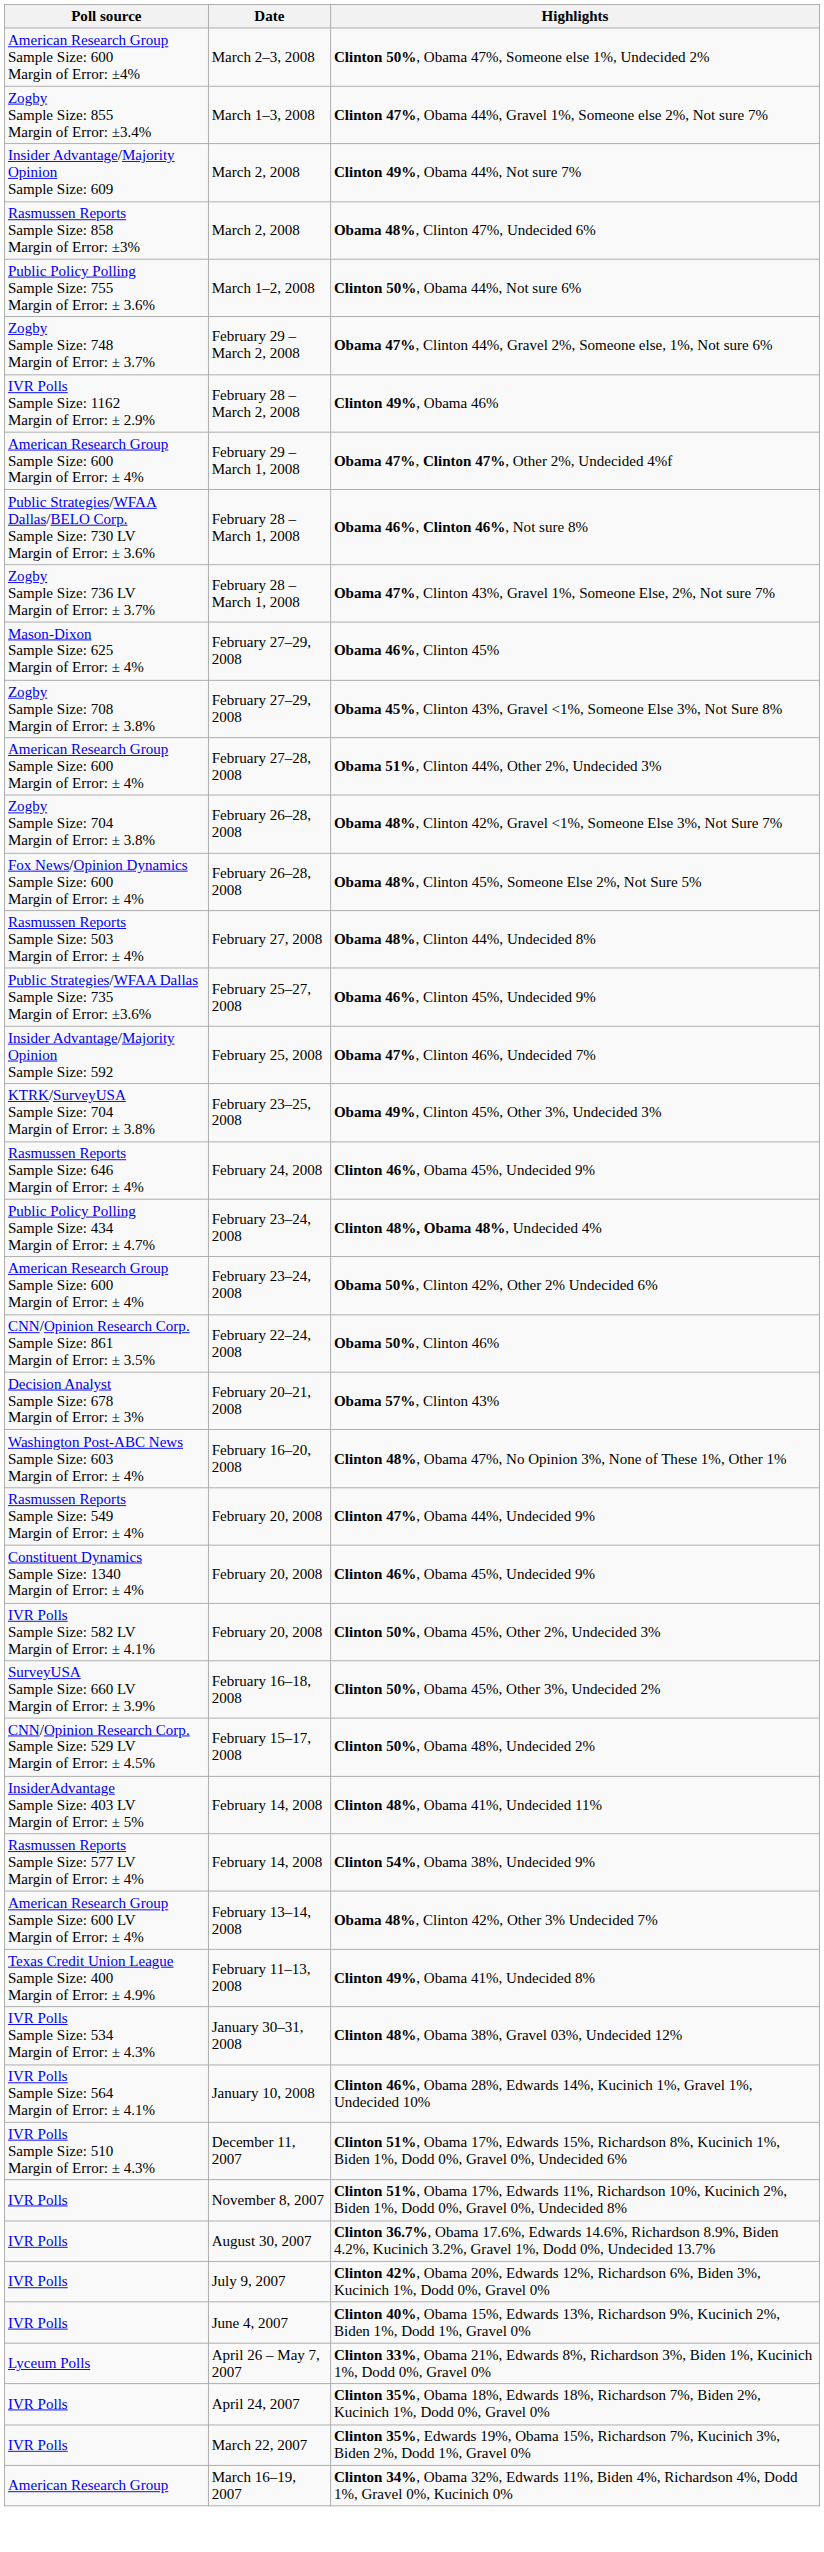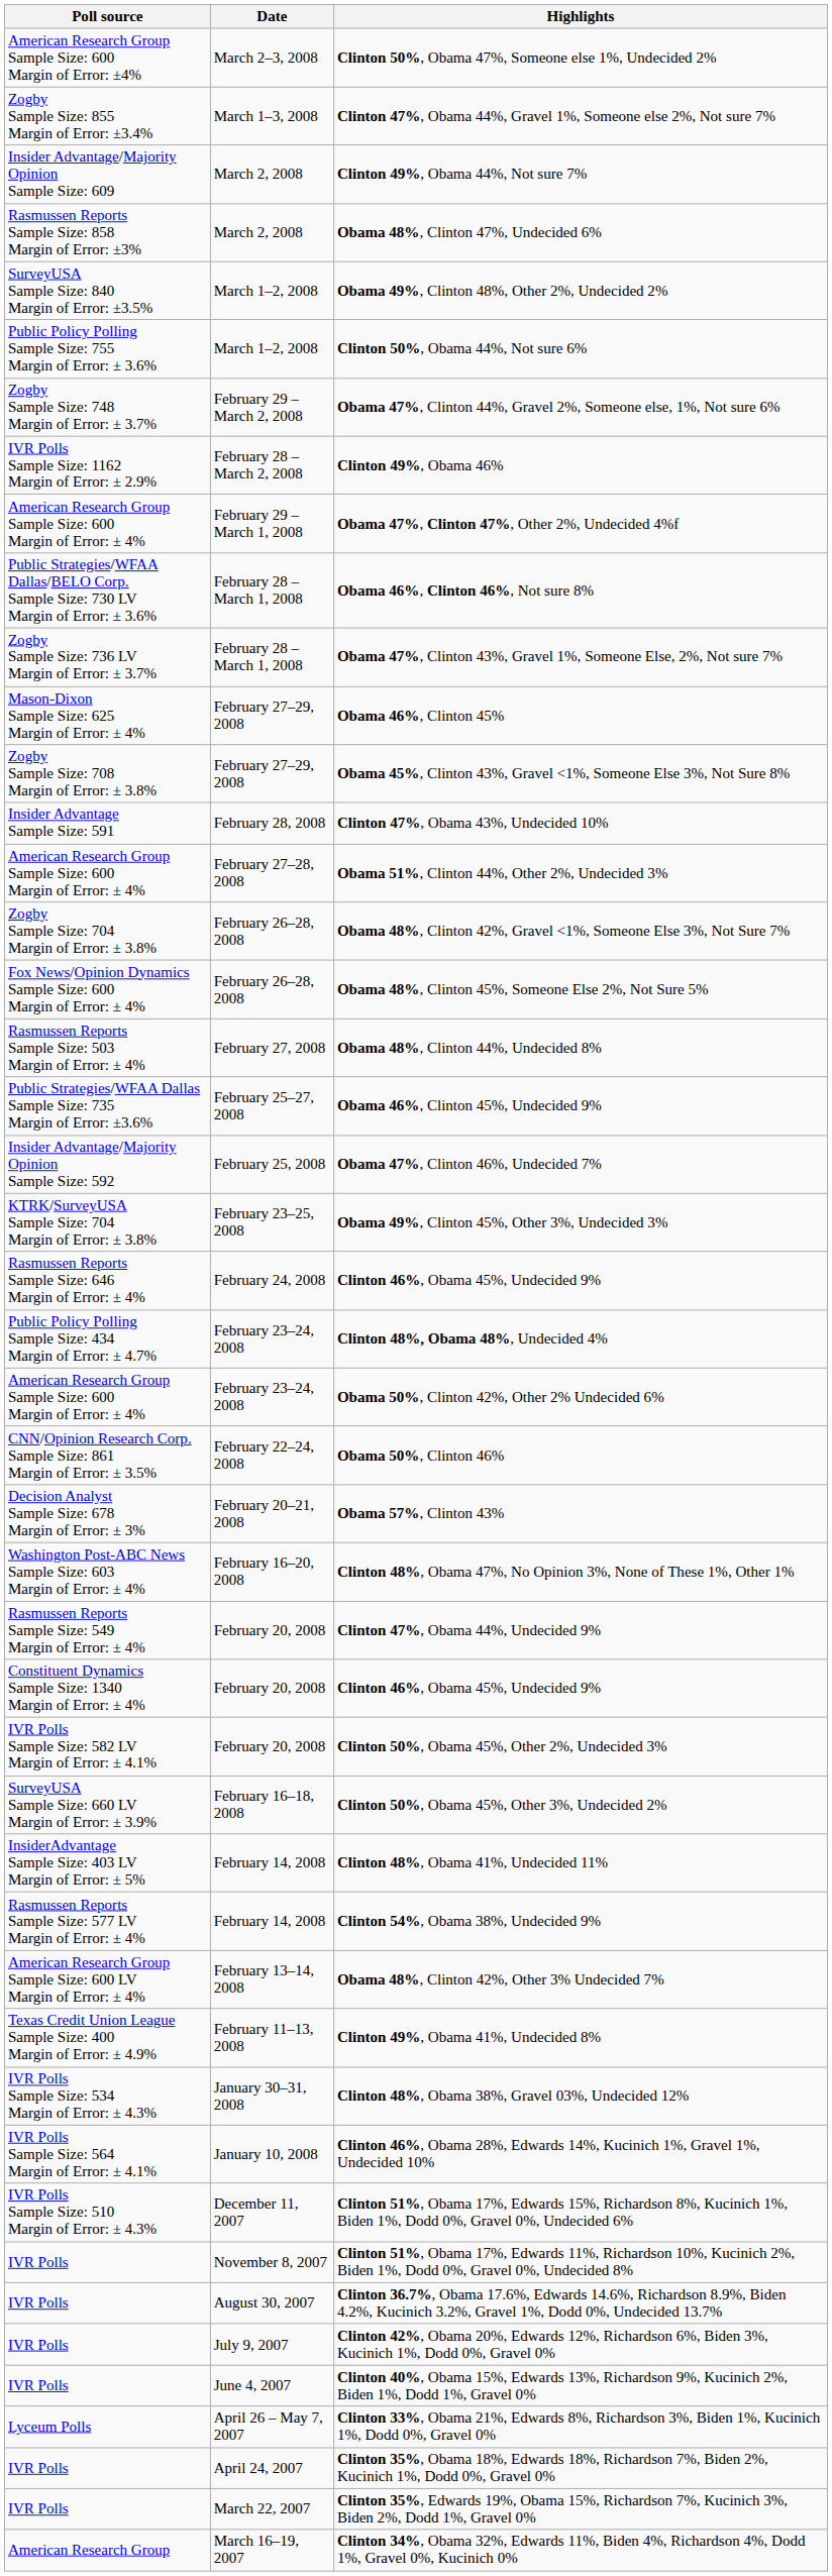 <table class="wikitable sortable">
 <tr>
 <th width="25%">Poll source</th>
 <th width="15%">Date</th>
 <th width="60%">Highlights</th>
 </tr>
 <tr>
 <td><a href='#'>American Research Group</a><br>Sample Size: 600<br> Margin of Error: ±4%</td>
 <td>March 2–3, 2008</td>
 <td><strong>Clinton 50%</strong>, Obama 47%, Someone else 1%, Undecided 2%</td>
 </tr>
 <tr>
 <td><a href='#'>Zogby</a><br>Sample Size: 855<br> Margin of Error: ±3.4%</td>
 <td>March 1–3, 2008</td>
 <td><strong>Clinton 47%</strong>, Obama 44%, Gravel 1%, Someone else 2%, Not sure 7%</td>
 </tr>
 <tr>
 <td><a href='#'>Insider Advantage</a>/<a href='#'>Majority Opinion</a><br>Sample Size: 609<br></td>
 <td>March 2, 2008</td>
 <td><strong>Clinton 49%</strong>, Obama 44%, Not sure 7%</td>
 </tr>
 <tr>
 <td><a href='#'>Rasmussen Reports</a><br>Sample Size: 858<br> Margin of Error: ±3%</td>
 <td>March 2, 2008</td>
 <td><strong>Obama 48%</strong>, Clinton 47%, Undecided 6%</td>
+</tr>
+<tr>
+<td><a href='#'>SurveyUSA</a><br>Sample Size: 840<br> Margin of Error: ±3.5%</td>
+<td>March 1–2, 2008</td>
+<td><strong>Obama 49%</strong>, Clinton 48%, Other 2%, Undecided 2%</td>
 </tr>
 <tr>
 <td><a href='#'>Public Policy Polling</a><br>Sample Size: 755<br> Margin of Error: ± 3.6%</td>
 <td>March 1–2, 2008</td>
 <td><strong>Clinton 50%</strong>, Obama 44%, Not sure 6%</td>
 </tr>
 <tr>
 <td><a href='#'>Zogby</a><br>Sample Size: 748<br> Margin of Error: ± 3.7%</td>
 <td>February 29 – March 2, 2008</td>
 <td><strong>Obama 47%</strong>, Clinton 44%, Gravel 2%, Someone else, 1%, Not sure 6%</td>
 </tr>
 <tr>
 <td><a href='#'>IVR Polls</a><br>Sample Size: 1162<br> Margin of Error: ± 2.9%</td>
 <td>February 28 – March 2, 2008</td>
 <td><strong>Clinton 49%</strong>, Obama 46%</td>
 </tr>
 <tr>
 <td><a href='#'>American Research Group</a><br>Sample Size: 600<br> Margin of Error: ± 4%</td>
 <td>February 29 – March 1, 2008</td>
 <td><strong>Obama 47%</strong>, <strong>Clinton 47%</strong>, Other 2%, Undecided 4%f</td>
 </tr>
 <tr>
 <td><a href='#'>Public Strategies</a>/<a href='#'>WFAA Dallas</a>/<a href='#'>BELO Corp.</a><br>Sample Size: 730 LV<br> Margin of Error: ± 3.6%</td>
 <td>February 28 – March 1, 2008</td>
 <td><strong>Obama 46%</strong>, <strong>Clinton 46%</strong>, Not sure 8%</td>
 </tr>
 <tr>
 <td><a href='#'>Zogby</a><br>Sample Size: 736 LV<br> Margin of Error: ± 3.7%</td>
 <td>February 28 – March 1, 2008</td>
 <td><strong>Obama 47%</strong>, Clinton 43%, Gravel 1%, Someone Else, 2%, Not sure 7%</td>
 </tr>
 <tr>
 <td><a href='#'>Mason-Dixon</a><br>Sample Size: 625<br> Margin of Error: ± 4%</td>
 <td>February 27–29, 2008</td>
 <td><strong>Obama 46%</strong>, Clinton 45%</td>
 </tr>
 <tr>
 <td><a href='#'>Zogby</a><br>Sample Size: 708<br> Margin of Error: ± 3.8%</td>
 <td>February 27–29, 2008</td>
 <td><strong>Obama 45%</strong>, Clinton 43%, Gravel <1%, Someone Else 3%, Not Sure 8%</td>
+</tr>
+<tr>
+<td><a href='#'>Insider Advantage</a><br>Sample Size: 591<br></td>
+<td>February 28, 2008</td>
+<td><strong>Clinton 47%</strong>, Obama 43%, Undecided 10%</td>
 </tr>
 <tr>
 <td><a href='#'>American Research Group</a><br>Sample Size: 600<br> Margin of Error: ± 4%</td>
 <td>February 27–28, 2008</td>
 <td><strong>Obama 51%</strong>, Clinton 44%, Other 2%, Undecided 3%</td>
 </tr>
 <tr>
 <td><a href='#'>Zogby</a><br>Sample Size: 704<br> Margin of Error: ± 3.8%</td>
 <td>February 26–28, 2008</td>
 <td><strong>Obama 48%</strong>, Clinton 42%, Gravel <1%, Someone Else 3%, Not Sure 7%</td>
 </tr>
 <tr>
 <td><a href='#'>Fox News</a>/<a href='#'>Opinion Dynamics</a><br>Sample Size: 600<br> Margin of Error: ± 4%</td>
 <td>February 26–28, 2008</td>
 <td><strong>Obama 48%</strong>, Clinton 45%, Someone Else 2%, Not Sure 5%</td>
 </tr>
 <tr>
 <td><a href='#'>Rasmussen Reports</a><br>Sample Size: 503<br> Margin of Error: ± 4%</td>
 <td>February 27, 2008</td>
 <td><strong>Obama 48%</strong>, Clinton 44%, Undecided 8%</td>
 </tr>
 <tr>
 <td><a href='#'>Public Strategies</a>/<a href='#'>WFAA Dallas</a><br>Sample Size: 735<br>Margin of Error: ±3.6%</td>
 <td>February 25–27, 2008</td>
 <td><strong>Obama 46%</strong>, Clinton 45%, Undecided 9%</td>
 </tr>
 <tr>
 <td><a href='#'>Insider Advantage</a>/<a href='#'>Majority Opinion</a><br>Sample Size: 592<br></td>
 <td>February 25, 2008</td>
 <td><strong>Obama 47%</strong>, Clinton 46%, Undecided 7%</td>
 </tr>
 <tr>
 <td><a href='#'>KTRK</a>/<a href='#'>SurveyUSA</a><br>Sample Size: 704<br> Margin of Error: ± 3.8%</td>
 <td>February 23–25, 2008</td>
 <td><strong>Obama 49%</strong>, Clinton 45%, Other 3%, Undecided 3%</td>
 </tr>
 <tr>
 <td><a href='#'>Rasmussen Reports</a><br>Sample Size: 646<br> Margin of Error: ± 4%</td>
 <td>February 24, 2008</td>
 <td><strong>Clinton 46%</strong>, Obama 45%, Undecided 9%</td>
 </tr>
 <tr>
 <td><a href='#'>Public Policy Polling</a><br>Sample Size: 434<br> Margin of Error: ± 4.7%</td>
 <td>February 23–24, 2008</td>
 <td><strong>Clinton 48%, Obama 48%</strong>, Undecided 4%</td>
 </tr>
 <tr>
 <td><a href='#'>American Research Group</a><br>Sample Size: 600<br> Margin of Error: ± 4%</td>
 <td>February 23–24, 2008</td>
 <td><strong>Obama 50%</strong>, Clinton 42%, Other 2% Undecided 6%</td>
 </tr>
 <tr>
 <td><a href='#'>CNN</a>/<a href='#'>Opinion Research Corp.</a><br>Sample Size: 861<br> Margin of Error: ± 3.5%</td>
 <td>February 22–24, 2008</td>
 <td><strong>Obama 50%</strong>, Clinton 46%</td>
 </tr>
 <tr>
 <td><a href='#'>Decision Analyst</a><br>Sample Size: 678<br> Margin of Error: ± 3%</td>
 <td>February 20–21, 2008</td>
 <td><strong>Obama 57%</strong>, Clinton 43%</td>
 </tr>
 <tr>
 <td><a href='#'>Washington Post-ABC News</a><br>Sample Size: 603<br> Margin of Error: ± 4%</td>
 <td>February 16–20, 2008</td>
 <td><strong>Clinton 48%</strong>, Obama 47%, No Opinion 3%, None of These 1%, Other 1%</td>
 </tr>
 <tr>
 <td><a href='#'>Rasmussen Reports</a><br>Sample Size: 549<br> Margin of Error: ± 4%</td>
 <td>February 20, 2008</td>
 <td><strong>Clinton 47%</strong>, Obama 44%, Undecided 9%</td>
 </tr>
 <tr>
 <td><a href='#'>Constituent Dynamics</a><br>Sample Size: 1340<br> Margin of Error: ± 4%</td>
 <td>February 20, 2008</td>
 <td><strong>Clinton 46%</strong>, Obama 45%, Undecided 9%</td>
 </tr>
 <tr>
 <td><a href='#'>IVR Polls</a><br>Sample Size: 582 LV<br> Margin of Error: ± 4.1%</td>
 <td>February 20, 2008</td>
 <td><strong>Clinton 50%</strong>, Obama 45%, Other 2%, Undecided 3%</td>
 </tr>
 <tr>
 <td><a href='#'>SurveyUSA</a><br>Sample Size: 660 LV<br> Margin of Error: ± 3.9%</td>
 <td>February 16–18, 2008</td>
 <td><strong>Clinton 50%</strong>, Obama 45%, Other 3%, Undecided 2%</td>
 </tr>
 <tr>
-<td><a href='#'>CNN</a>/<a href='#'>Opinion Research Corp.</a><br>Sample Size: 529 LV<br> Margin of Error: ± 4.5%</td>
-<td>February 15–17, 2008</td>
-<td><strong>Clinton 50%</strong>, Obama 48%, Undecided 2%</td>
-</tr>
-<tr>
 <td><a href='#'>InsiderAdvantage</a><br>Sample Size: 403 LV<br> Margin of Error: ± 5%</td>
 <td>February 14, 2008</td>
 <td><strong>Clinton 48%</strong>, Obama 41%, Undecided 11%</td>
 </tr>
 <tr>
 <td><a href='#'>Rasmussen Reports</a><br>Sample Size: 577 LV<br> Margin of Error: ± 4%</td>
 <td>February 14, 2008</td>
 <td><strong>Clinton 54%</strong>, Obama 38%, Undecided 9%</td>
 </tr>
 <tr>
 <td><a href='#'>American Research Group</a><br>Sample Size: 600 LV<br> Margin of Error: ± 4%</td>
 <td>February 13–14, 2008</td>
 <td><strong>Obama 48%</strong>, Clinton 42%, Other 3% Undecided 7%</td>
 </tr>
 <tr>
 <td><a href='#'>Texas Credit Union League</a><br>Sample Size: 400<br> Margin of Error: ± 4.9%</td>
 <td>February 11–13, 2008</td>
 <td><strong>Clinton 49%</strong>, Obama 41%, Undecided 8%</td>
 </tr>
 <tr>
 <td><a href='#'>IVR Polls</a><br>Sample Size: 534<br> Margin of Error: ± 4.3%</td>
 <td>January 30–31, 2008</td>
 <td><strong>Clinton 48%</strong>, Obama 38%, Gravel 03%, Undecided 12%</td>
 </tr>
 <tr>
 <td><a href='#'>IVR Polls</a><br>Sample Size: 564<br> Margin of Error: ± 4.1%</td>
 <td>January 10, 2008</td>
 <td><strong>Clinton 46%</strong>, Obama 28%, Edwards 14%, Kucinich 1%, Gravel 1%, Undecided 10%</td>
 </tr>
 <tr>
 <td><a href='#'>IVR Polls</a><br>Sample Size: 510<br> Margin of Error: ± 4.3%</td>
 <td>December 11, 2007</td>
 <td><strong>Clinton 51%</strong>, Obama 17%, Edwards 15%, Richardson 8%, Kucinich 1%, Biden 1%, Dodd 0%, Gravel 0%, Undecided 6%</td>
 </tr>
 <tr>
 <td><a href='#'>IVR Polls</a></td>
 <td>November 8, 2007</td>
 <td><strong>Clinton 51%</strong>, Obama 17%, Edwards 11%, Richardson 10%, Kucinich 2%, Biden 1%, Dodd 0%, Gravel 0%, Undecided 8%</td>
 </tr>
 <tr>
 <td><a href='#'>IVR Polls</a></td>
 <td>August 30, 2007</td>
 <td><strong>Clinton 36.7%</strong>, Obama 17.6%, Edwards 14.6%, Richardson 8.9%, Biden 4.2%, Kucinich 3.2%, Gravel 1%, Dodd 0%, Undecided 13.7%</td>
 </tr>
 <tr>
 <td><a href='#'>IVR Polls</a></td>
 <td>July 9, 2007</td>
 <td><strong>Clinton 42%</strong>, Obama 20%, Edwards 12%, Richardson 6%, Biden 3%, Kucinich 1%, Dodd 0%, Gravel 0%</td>
 </tr>
 <tr>
 <td><a href='#'>IVR Polls</a></td>
 <td>June 4, 2007</td>
 <td><strong>Clinton 40%</strong>, Obama 15%, Edwards 13%, Richardson 9%, Kucinich 2%, Biden 1%, Dodd 1%, Gravel 0%</td>
 </tr>
 <tr>
 <td><a href='#'>Lyceum Polls</a></td>
 <td>April 26 – May 7, 2007</td>
 <td><strong>Clinton 33%</strong>, Obama 21%, Edwards 8%, Richardson 3%, Biden 1%, Kucinich 1%, Dodd 0%, Gravel 0%</td>
 </tr>
 <tr>
 <td><a href='#'>IVR Polls</a></td>
 <td>April 24, 2007</td>
 <td><strong>Clinton 35%</strong>, Obama 18%, Edwards 18%, Richardson 7%, Biden 2%, Kucinich 1%, Dodd 0%, Gravel 0%</td>
 </tr>
 <tr>
 <td><a href='#'>IVR Polls</a></td>
 <td>March 22, 2007</td>
 <td><strong>Clinton 35%</strong>, Edwards 19%, Obama 15%, Richardson 7%, Kucinich 3%, Biden 2%, Dodd 1%, Gravel 0%</td>
 </tr>
 <tr>
 <td><a href='#'>American Research Group</a></td>
 <td>March 16–19, 2007</td>
 <td><strong>Clinton 34%</strong>, Obama 32%, Edwards 11%, Biden 4%, Richardson 4%, Dodd 1%, Gravel 0%, Kucinich 0%</td>
 </tr>
 </table>
